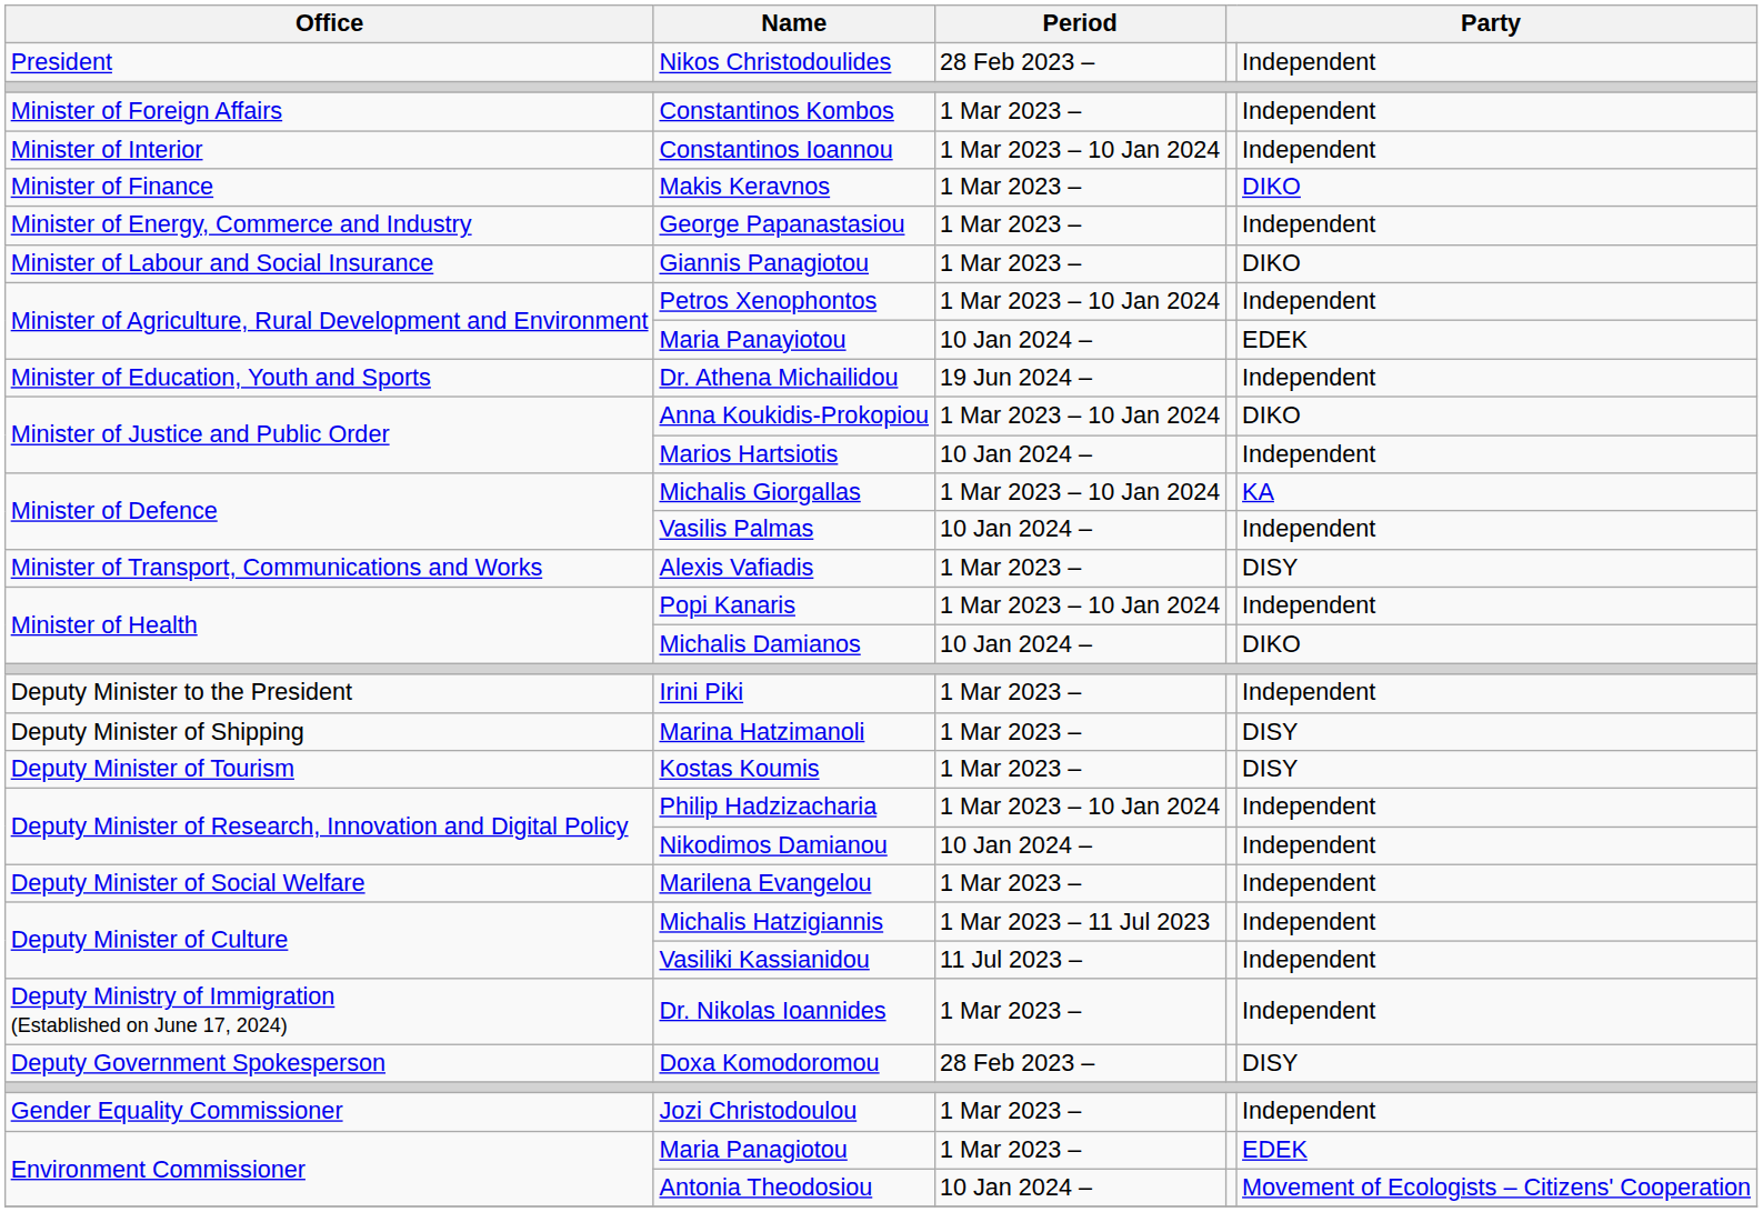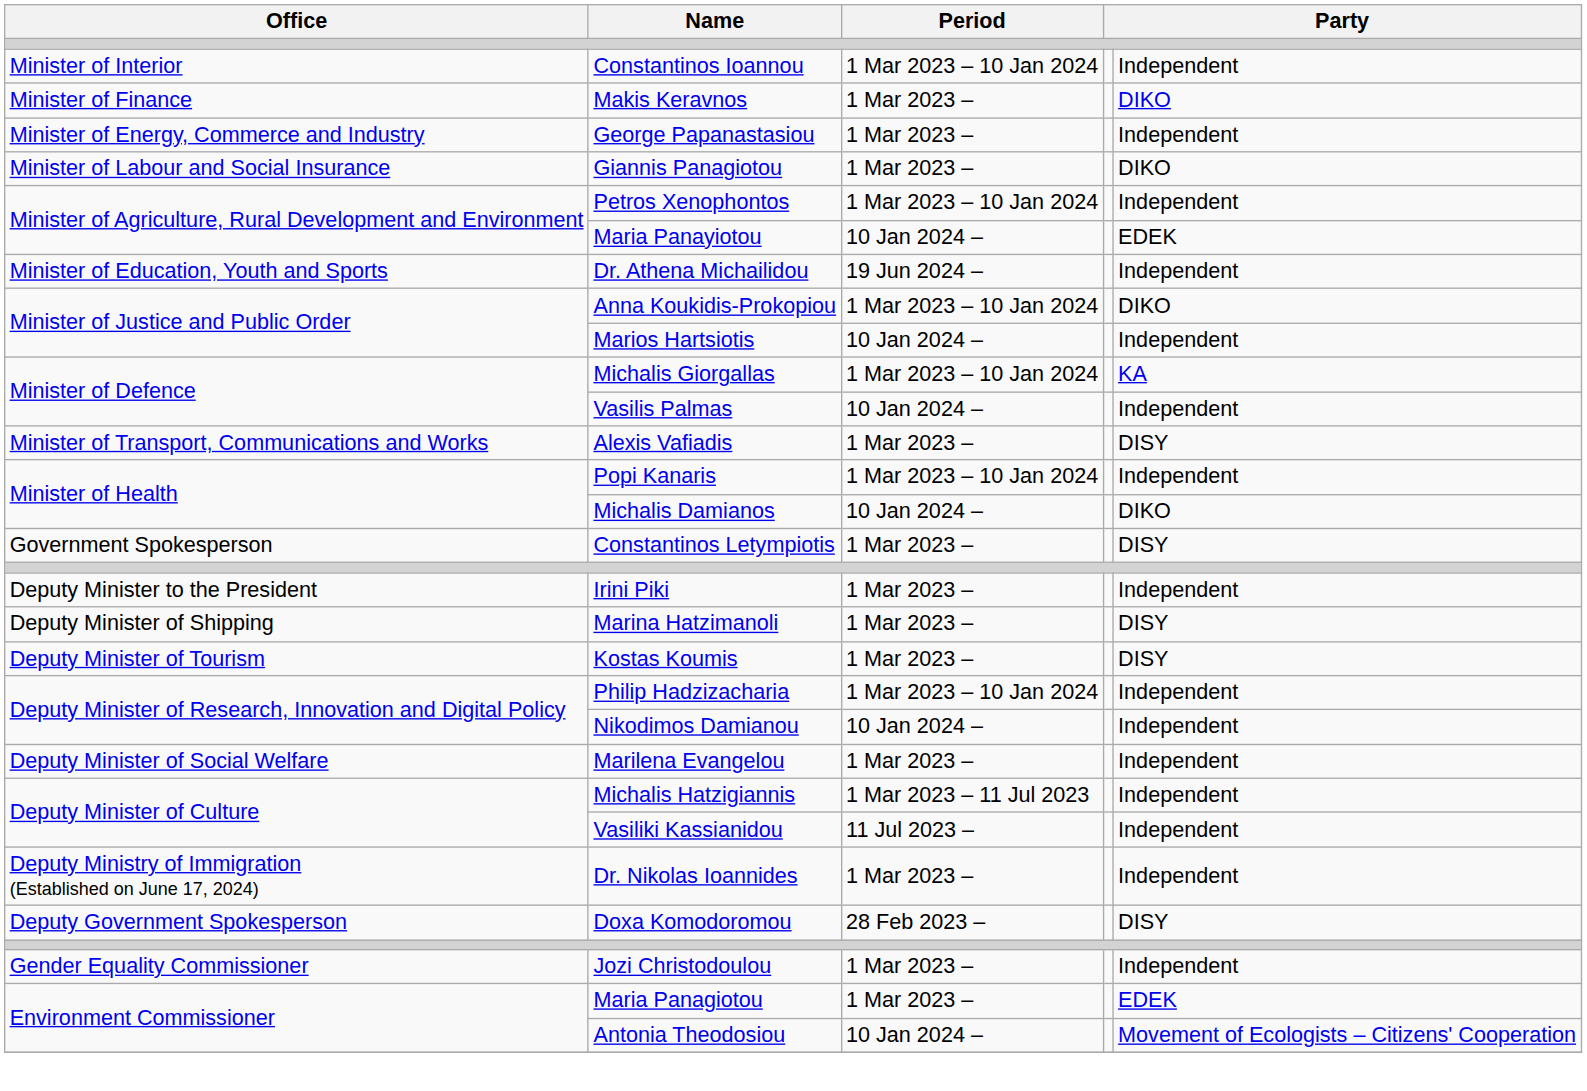 <table class="wikitable">
 <tr>
 <th>Office</th>
 <th>Name</th>
 <th>Period</th>
 <th colspan="2">Party</th>
 </tr>
 <tr>
-<td><a href='#'>President</a></td>
-<td><a href='#'>Nikos Christodoulides</a></td>
-<td>28 Feb 2023 –</td>
-<td style="background-color: "></td>
-<td>Independent</td>
-</tr>
-<tr>
 <td colspan="5" style="background:lightgrey;"></td>
-</tr>
-<tr>
-<td><a href='#'>Minister of Foreign Affairs</a></td>
-<td><a href='#'>Constantinos Kombos</a></td>
-<td>1 Mar 2023 –</td>
-<td style="background-color: "></td>
-<td>Independent</td>
 </tr>
 <tr>
 <td><a href='#'>Minister of Interior</a></td>
 <td><a href='#'>Constantinos Ioannou</a></td>
 <td>1 Mar 2023 – 10 Jan 2024</td>
 <td style="background-color: "></td>
 <td>Independent</td>
 </tr>
 <tr>
 <td><a href='#'>Minister of Finance</a></td>
 <td><a href='#'>Makis Keravnos</a></td>
 <td>1 Mar 2023 –</td>
 <td style="background-color: "></td>
 <td><a href='#'>DIKO</a></td>
 </tr>
 <tr>
 <td><a href='#'>Minister of Energy, Commerce and Industry</a></td>
 <td><a href='#'>George Papanastasiou</a></td>
 <td>1 Mar 2023 –</td>
 <td style="background-color:"></td>
 <td>Independent</td>
 </tr>
 <tr>
 <td><a href='#'>Minister of Labour and Social Insurance</a></td>
 <td><a href='#'>Giannis Panagiotou</a></td>
 <td>1 Mar 2023 –</td>
 <td style="background-color: "></td>
 <td>DIKO</td>
 </tr>
 <tr>
 <td rowspan="2"><a href='#'>Minister of Agriculture, Rural Development and Environment</a></td>
 <td><a href='#'>Petros Xenophontos</a></td>
 <td>1 Mar 2023 – 10 Jan 2024</td>
 <td style="background-color:"></td>
 <td>Independent</td>
 </tr>
 <tr>
 <td><a href='#'>Maria Panayiotou</a></td>
 <td>10 Jan 2024 –</td>
 <td style="background-color:"></td>
 <td>EDEK</td>
 </tr>
 <tr>
 <td><a href='#'>Minister of Education, Youth and Sports</a></td>
 <td><a href='#'>Dr. Athena Michailidou</a></td>
 <td>19 Jun 2024 –</td>
 <td style="background-color:"></td>
 <td>Independent</td>
 </tr>
 <tr>
 <td rowspan="2"><a href='#'>Minister of Justice and Public Order</a></td>
 <td><a href='#'>Anna Koukidis-Prokopiou</a></td>
 <td>1 Mar 2023 – 10 Jan 2024</td>
 <td style="background-color: "></td>
 <td>DIKO</td>
 </tr>
 <tr>
 <td><a href='#'>Marios Hartsiotis</a></td>
 <td>10 Jan 2024 –</td>
 <td style="background-color:"></td>
 <td>Independent</td>
 </tr>
 <tr>
 <td rowspan="2"><a href='#'>Minister of Defence</a></td>
 <td><a href='#'>Michalis Giorgallas</a></td>
 <td>1 Mar 2023 – 10 Jan 2024</td>
 <td style="background-color:"></td>
 <td><a href='#'>KA</a></td>
 </tr>
 <tr>
 <td><a href='#'>Vasilis Palmas</a></td>
 <td>10 Jan 2024 –</td>
 <td style="background-color:"></td>
 <td>Independent</td>
 </tr>
 <tr>
 <td><a href='#'>Minister of Transport, Communications and Works</a></td>
 <td><a href='#'>Alexis Vafiadis</a></td>
 <td>1 Mar 2023 –</td>
 <td style="background-color: "></td>
 <td>DISY</td>
 </tr>
 <tr>
 <td rowspan="2"><a href='#'>Minister of Health</a></td>
 <td><a href='#'>Popi Kanaris</a></td>
 <td>1 Mar 2023 – 10 Jan 2024</td>
 <td style="background-color:"></td>
 <td>Independent</td>
 </tr>
 <tr>
 <td><a href='#'>Michalis Damianos</a></td>
 <td>10 Jan 2024 –</td>
 <td style="background-color:"></td>
 <td>DIKO</td>
+</tr>
+<tr>
+<td>Government Spokesperson</td>
+<td><a href='#'>Constantinos Letympiotis</a></td>
+<td>1 Mar 2023 –</td>
+<td style="background-color: "></td>
+<td>DISY</td>
 </tr>
 <tr>
 <td colspan="5" style="background:lightgrey;"></td>
 </tr>
 <tr>
 <td>Deputy Minister to the President</td>
 <td><a href='#'>Irini Piki</a></td>
 <td>1 Mar 2023 –</td>
 <td style="background-color:"></td>
 <td>Independent</td>
 </tr>
 <tr>
 <td>Deputy Minister of Shipping</td>
 <td><a href='#'>Marina Hatzimanoli</a></td>
 <td>1 Mar 2023 –</td>
 <td style="background-color: "></td>
 <td>DISY</td>
 </tr>
 <tr>
 <td><a href='#'>Deputy Minister of Tourism</a></td>
 <td><a href='#'>Kostas Koumis</a></td>
 <td>1 Mar 2023 –</td>
 <td style="background-color: "></td>
 <td>DISY</td>
 </tr>
 <tr>
 <td rowspan="2"><a href='#'>Deputy Minister of Research, Innovation and Digital Policy</a></td>
 <td><a href='#'>Philip Hadzizacharia</a></td>
 <td>1 Mar 2023 – 10 Jan 2024</td>
 <td style="background-color:"></td>
 <td>Independent</td>
 </tr>
 <tr>
 <td><a href='#'>Nikodimos Damianou</a></td>
 <td>10 Jan 2024 –</td>
 <td style="background-color:"></td>
 <td>Independent</td>
 </tr>
 <tr>
 <td><a href='#'>Deputy Minister of Social Welfare</a></td>
 <td><a href='#'>Marilena Evangelou</a></td>
 <td>1 Mar 2023 –</td>
 <td style="background-color:"></td>
 <td>Independent</td>
 </tr>
 <tr>
 <td rowspan="2"><a href='#'>Deputy Minister of Culture</a></td>
 <td><a href='#'>Michalis Hatzigiannis</a></td>
 <td>1 Mar 2023 – 11 Jul 2023</td>
 <td style="background-color:"></td>
 <td>Independent</td>
 </tr>
 <tr>
 <td><a href='#'>Vasiliki Kassianidou</a></td>
 <td>11 Jul 2023 –</td>
 <td style="background-color:"></td>
 <td>Independent</td>
 </tr>
 <tr>
 <td><a href='#'>Deputy Ministry of Immigration</a><br><small>(Established on June 17, 2024)</small></td>
 <td><a href='#'>Dr. Nikolas Ioannides</a></td>
 <td>1 Mar 2023 –</td>
 <td style="background-color:"></td>
 <td>Independent</td>
 </tr>
 <tr>
 <td><a href='#'>Deputy Government Spokesperson</a></td>
 <td><a href='#'>Doxa Komodoromou</a></td>
 <td>28 Feb 2023 –</td>
 <td style="background-color: "></td>
 <td>DISY</td>
 </tr>
 <tr>
 <td colspan="5" style="background:lightgrey;"></td>
 </tr>
 <tr>
 <td><a href='#'>Gender Equality Commissioner</a></td>
 <td><a href='#'>Jozi Christodoulou</a></td>
 <td>1 Mar 2023 –</td>
 <td style="background-color:"></td>
 <td>Independent</td>
 </tr>
 <tr>
 <td rowspan="2"><a href='#'>Environment Commissioner</a></td>
 <td><a href='#'>Maria Panagiotou</a></td>
 <td>1 Mar 2023 –</td>
 <td style="background-color:"></td>
 <td><a href='#'>EDEK</a></td>
 </tr>
 <tr>
 <td><a href='#'>Antonia Theodosiou</a></td>
 <td>10 Jan 2024 –</td>
 <td style="background-color:"></td>
 <td><a href='#'>Movement of Ecologists – Citizens' Cooperation</a></td>
 </tr>
 <tr>
 </tr>
 </table>
